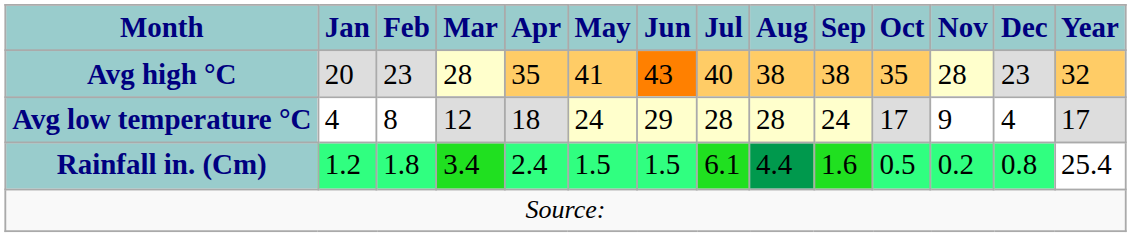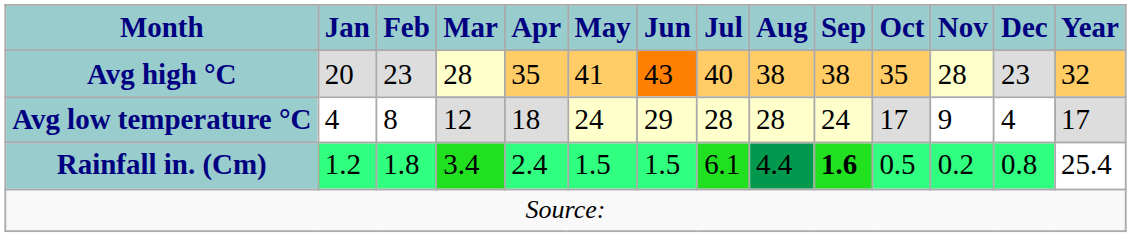 <table class="wikitable" style="margin: 1em auto;">
 <tr>
 <th style="background: #99CCCC; color: #000080" height="17">Month</th>
 <th style="background: #99CCCC; color:#000080;">Jan</th>
 <th style="background: #99CCCC; color:#000080;">Feb</th>
 <th style="background: #99CCCC; color:#000080;">Mar</th>
 <th style="background: #99CCCC; color:#000080;">Apr</th>
 <th style="background: #99CCCC; color:#000080;">May</th>
 <th style="background: #99CCCC; color:#000080;">Jun</th>
 <th style="background: #99CCCC; color:#000080;">Jul</th>
 <th style="background: #99CCCC; color:#000080;">Aug</th>
 <th style="background: #99CCCC; color:#000080;">Sep</th>
 <th style="background: #99CCCC; color:#000080;">Oct</th>
 <th style="background: #99CCCC; color:#000080;">Nov</th>
 <th style="background: #99CCCC; color:#000080;">Dec</th>
 <th style="background: #99CCCC; color:#000080;">Year</th>
 </tr>
 <tr>
 <th style="background: #99CCCC; color:#000080;">Avg high °C</th>
 <td style="background: #DDDDDD; color:#000000;">20</td>
 <td style="background: #DDDDDD; color:#000000;">23</td>
 <td style="background: #FFFFCC; color:#000000;">28</td>
 <td style="background: #FFCC66; color:#000000;">35</td>
 <td style="background: #FFCC66; color:#000000;">41</td>
 <td style="background: #FF8000; color:#000000;">43</td>
 <td style="background: #FFCC66; color:#000000;">40</td>
 <td style="background: #FFCC66; color:#000000;">38</td>
 <td style="background: #FFCC66; color:#000000;">38</td>
 <td style="background: #FFCC66; color:#000000;">35</td>
 <td style="background: #FFFFCC; color:#000000;">28</td>
 <td style="background: #DDDDDD; color:#000000;">23</td>
 <td style="background: #FFCC66; color:#000000;">32</td>
 </tr>
 <tr>
 <th style="background: #99CCCC; color:#000080;" height="16;">Avg low temperature °C</th>
 <td style="background: #FFFFFF; color: black;">4</td>
 <td style="background: #FFFFFF; color: black;">8</td>
 <td style="background: #DDDDDD; color: black;">12</td>
 <td style="background: #DDDDDD; color: black;">18</td>
 <td style="background: #FFFFCC; color: black;">24</td>
 <td style="background: #FFFFCC; color: black;">29</td>
 <td style="background: #FFFFCC; color: black;">28</td>
 <td style="background: #FFFFCC; color: black;">28</td>
 <td style="background: #FFFFCC; color: black;">24</td>
 <td style="background: #DDDDDD; color: black;">17</td>
 <td style="background: #FFFFFF; color: black;">9</td>
 <td style="background: #FFFFFF; color: black;">4</td>
 <td style="background: #DDDDDD; color: black;">17</td>
 </tr>
 <tr>
 <th style="background: #99CCCC; color:#000080;">Rainfall in. (Cm)</th>
 <td style="background: #30FF80;">1.2</td>
 <td style="background: #30FF80;">1.8</td>
 <td style="background: #20E020;">3.4</td>
 <td style="background: #30FF80;">2.4</td>
 <td style="background: #30FF80;">1.5</td>
 <td style="background: #30FF80;">1.5</td>
 <td style="background: #20E020;">6.1</td>
 <td style="background: #00994D;">4.4</td>
-<td style="background: #20E020;">1.6</td>
+<td style="background: #20E020;"><strong>1.6</strong></td>
 <td style="background: #30FF80;">0.5</td>
 <td style="background: #30FF80;">0.2</td>
 <td style="background: #30FF80;">0.8</td>
 <td style="background: #FFFFFF;">25.4</td>
 </tr>
 <tr>
 <td colspan="14" style="text-align:center;font-size:90%;"><em>Source: </em></td>
 </tr>
 </table>
